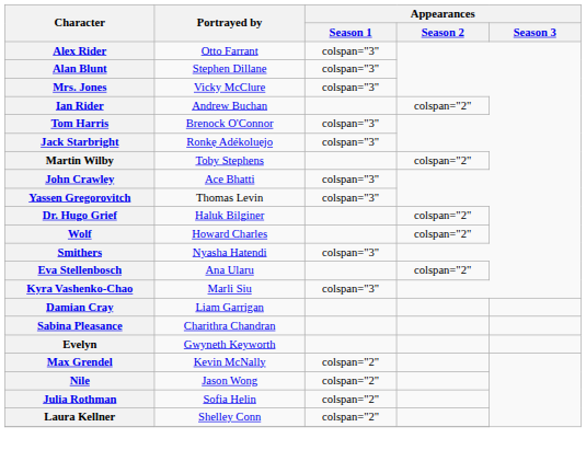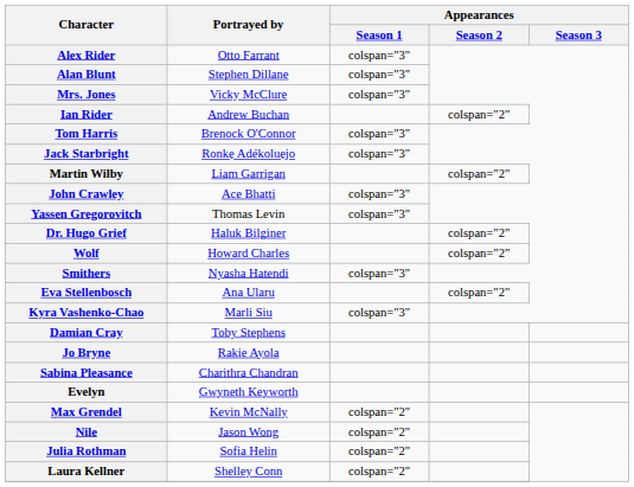 <table class="wikitable" style="text-align: center;">
 <tr>
 <th rowspan="2" style="width: 200px;">Character</th>
 <th rowspan="2" style="width: 200px;">Portrayed by</th>
 <th colspan="3" style="width: 200px;">Appearances</th>
 </tr>
 <tr>
 <th style="width: 120px;"><a href='#'>Season 1</a></th>
 <th style="width: 120px;"><a href='#'>Season 2</a></th>
 <th style="width: 120px;"><a href='#'>Season 3</a></th>
 </tr>
 <tr>
 <th><a href='#'>Alex Rider</a></th>
 <td><a href='#'>Otto Farrant</a></td>
 <td>colspan="3" </td>
 </tr>
 <tr>
 <th><a href='#'>Alan Blunt</a></th>
 <td><a href='#'>Stephen Dillane</a></td>
 <td>colspan="3" </td>
 </tr>
 <tr>
 <th><a href='#'>Mrs. Jones</a></th>
 <td><a href='#'>Vicky McClure</a></td>
 <td>colspan="3" </td>
 </tr>
 <tr>
 <th><a href='#'>Ian Rider</a></th>
 <td><a href='#'>Andrew Buchan</a></td>
 <td></td>
 <td>colspan="2" </td>
 </tr>
 <tr>
 <th><a href='#'>Tom Harris</a></th>
 <td><a href='#'>Brenock O'Connor</a></td>
 <td>colspan="3" </td>
 </tr>
 <tr>
 <th><a href='#'>Jack Starbright</a></th>
 <td><a href='#'>Ronkẹ Adékoluẹjo</a></td>
 <td>colspan="3" </td>
 </tr>
 <tr>
 <th>Martin Wilby</th>
-<td><a href='#'>Toby Stephens</a></td>
+<td><a href='#'>Liam Garrigan</a></td>
 <td></td>
 <td>colspan="2" </td>
 </tr>
 <tr>
 <th><a href='#'>John Crawley</a></th>
 <td><a href='#'>Ace Bhatti</a></td>
 <td>colspan="3" </td>
 </tr>
 <tr>
 <th><a href='#'>Yassen Gregorovitch</a></th>
 <td>Thomas Levin</td>
 <td>colspan="3" </td>
 </tr>
 <tr>
 <th><a href='#'>Dr. Hugo Grief</a></th>
 <td><a href='#'>Haluk Bilginer</a></td>
 <td></td>
 <td>colspan="2" </td>
 </tr>
 <tr>
 <th><a href='#'>Wolf</a></th>
 <td><a href='#'>Howard Charles</a></td>
 <td></td>
 <td>colspan="2" </td>
 </tr>
 <tr>
 <th><a href='#'>Smithers</a></th>
 <td><a href='#'>Nyasha Hatendi</a></td>
 <td>colspan="3" </td>
 </tr>
 <tr>
 <th><a href='#'>Eva Stellenbosch</a></th>
 <td><a href='#'>Ana Ularu</a></td>
 <td></td>
 <td>colspan="2" </td>
 </tr>
 <tr>
 <th><a href='#'>Kyra Vashenko-Chao</a></th>
 <td><a href='#'>Marli Siu</a></td>
 <td>colspan="3" </td>
 </tr>
 <tr>
 <th><a href='#'>Damian Cray</a></th>
-<td><a href='#'>Liam Garrigan</a></td>
+<td><a href='#'>Toby Stephens</a></td>
+<td></td>
+<td></td>
+<td></td>
+</tr>
+<tr>
+<th><a href='#'>Jo Bryne</a></th>
+<td><a href='#'>Rakie Ayola</a></td>
 <td></td>
 <td></td>
 <td></td>
 </tr>
 <tr>
 <th><a href='#'>Sabina Pleasance</a></th>
 <td><a href='#'>Charithra Chandran</a></td>
 <td></td>
 <td></td>
 <td></td>
 </tr>
 <tr>
 <th>Evelyn</th>
 <td><a href='#'>Gwyneth Keyworth</a></td>
 <td></td>
 <td></td>
 <td></td>
 </tr>
 <tr>
 <th><a href='#'>Max Grendel</a></th>
 <td><a href='#'>Kevin McNally</a></td>
 <td>colspan="2" </td>
 <td></td>
 </tr>
 <tr>
 <th><a href='#'>Nile</a></th>
 <td><a href='#'>Jason Wong</a></td>
 <td>colspan="2" </td>
 <td></td>
 </tr>
 <tr>
 <th><a href='#'>Julia Rothman</a></th>
 <td><a href='#'>Sofia Helin</a></td>
 <td>colspan="2" </td>
 <td></td>
 </tr>
 <tr>
 <th>Laura Kellner</th>
 <td><a href='#'>Shelley Conn</a></td>
 <td>colspan="2" </td>
 <td></td>
 </tr>
 <tr>
 </tr>
 </table>
